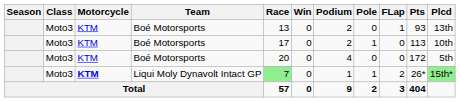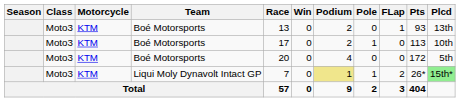 <table class="wikitable" style="text-align:right;">
 <tr>
 <th>Season</th>
 <th>Class</th>
 <th>Motorcycle</th>
 <th>Team</th>
 <th>Race</th>
 <th>Win</th>
 <th>Podium</th>
 <th>Pole</th>
 <th>FLap</th>
 <th>Pts</th>
 <th>Plcd</th>
 </tr>
 <tr>
 <th></th>
 <td>Moto3</td>
 <td style="text-align:left;"><a href='#'>KTM</a></td>
 <td style="text-align:left;">Boé Motorsports</td>
 <td>13</td>
 <td>0</td>
 <td>2</td>
 <td>0</td>
 <td>1</td>
 <td>93</td>
 <td>13th</td>
 </tr>
 <tr>
 <th></th>
 <td>Moto3</td>
 <td style="text-align:left;"><a href='#'>KTM</a></td>
 <td style="text-align:left;">Boé Motorsports</td>
 <td>17</td>
 <td>0</td>
 <td>2</td>
 <td>1</td>
 <td>0</td>
 <td>113</td>
 <td>10th</td>
 </tr>
 <tr>
 <th></th>
 <td>Moto3</td>
 <td style="text-align:left;"><a href='#'>KTM</a></td>
 <td style="text-align:left;">Boé Motorsports</td>
 <td>20</td>
 <td>0</td>
 <td>4</td>
 <td>0</td>
 <td>0</td>
 <td>172</td>
 <td>5th</td>
 </tr>
 <tr>
 <th></th>
 <td>Moto3</td>
-<td style="text-align:left;"><strong><a href='#'>KTM</a></strong></td>
+<td style="text-align:left;"><a href='#'>KTM</a></td>
 <td style="text-align:left;">Liqui Moly Dynavolt Intact GP</td>
-<td style="background: lightgreen;">7</td>
+<td>7</td>
 <td>0</td>
-<td>1</td>
+<td style="background: khaki;">1</td>
 <td>1</td>
 <td>2</td>
 <td>26*</td>
 <td style="background: lightgreen;">15th*</td>
 </tr>
 <tr>
 <th colspan="4">Total</th>
 <td><strong>57</strong></td>
 <td><strong>0</strong></td>
 <td><strong>9</strong></td>
 <td><strong>2</strong></td>
 <td><strong>3</strong></td>
 <td><strong>404</strong></td>
 <td></td>
 </tr>
 </table>
